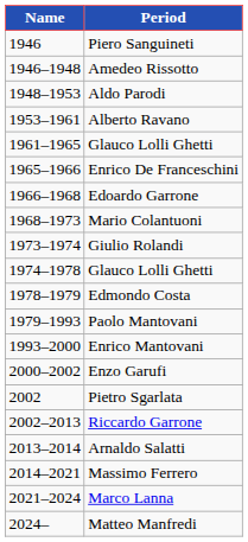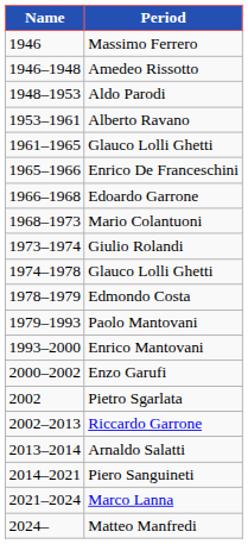 <table class="wikitable">
 <tr>
 <th style="background:#244fb3;color:#FFFFFF;border:1px solid #f44a4a;">Name</th>
 <th style="background:#244fb3;color:#FFFFFF;border:1px solid #f44a4a;">Period</th>
 </tr>
 <tr>
 <td>1946</td>
-<td> Piero Sanguineti</td>
+<td> Massimo Ferrero</td>
 </tr>
 <tr>
 <td>1946–1948</td>
 <td> Amedeo Rissotto</td>
 </tr>
 <tr>
 <td>1948–1953</td>
 <td> Aldo Parodi</td>
 </tr>
 <tr>
 <td>1953–1961</td>
 <td> Alberto Ravano</td>
 </tr>
 <tr>
 <td>1961–1965</td>
 <td> Glauco Lolli Ghetti</td>
 </tr>
 <tr>
 <td>1965–1966</td>
 <td> Enrico De Franceschini</td>
 </tr>
 <tr>
 <td>1966–1968</td>
 <td> Edoardo Garrone</td>
 </tr>
 <tr>
 <td>1968–1973</td>
 <td> Mario Colantuoni</td>
 </tr>
 <tr>
 <td>1973–1974</td>
 <td> Giulio Rolandi</td>
 </tr>
 <tr>
 <td>1974–1978</td>
 <td> Glauco Lolli Ghetti</td>
 </tr>
 <tr>
 <td>1978–1979</td>
 <td> Edmondo Costa</td>
 </tr>
 <tr>
 <td>1979–1993</td>
 <td> Paolo Mantovani</td>
 </tr>
 <tr>
 <td>1993–2000</td>
 <td> Enrico Mantovani</td>
 </tr>
 <tr>
 <td>2000–2002</td>
 <td> Enzo Garufi</td>
 </tr>
 <tr>
 <td>2002</td>
 <td> Pietro Sgarlata</td>
 </tr>
 <tr>
 <td>2002–2013</td>
 <td> <a href='#'>Riccardo Garrone</a></td>
 </tr>
 <tr>
 <td>2013–2014</td>
 <td> Arnaldo Salatti</td>
 </tr>
 <tr>
 <td>2014–2021</td>
-<td> Massimo Ferrero</td>
+<td> Piero Sanguineti</td>
 </tr>
 <tr>
 <td>2021–2024</td>
 <td> <a href='#'>Marco Lanna</a></td>
 </tr>
 <tr>
 <td>2024–</td>
 <td> Matteo Manfredi</td>
 </tr>
 </table>
